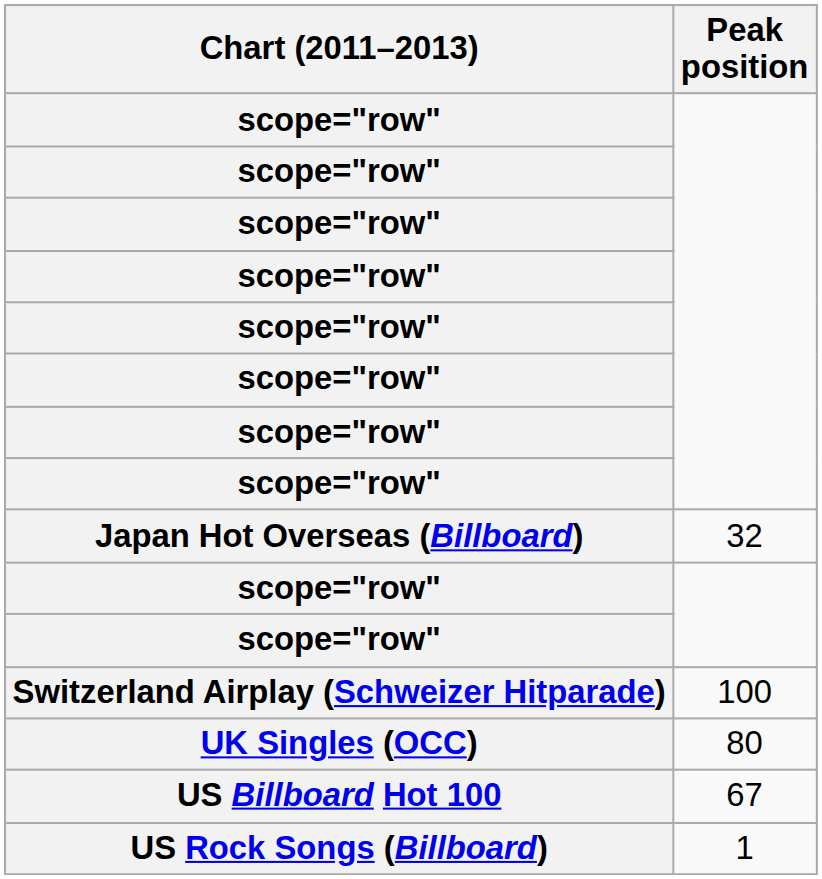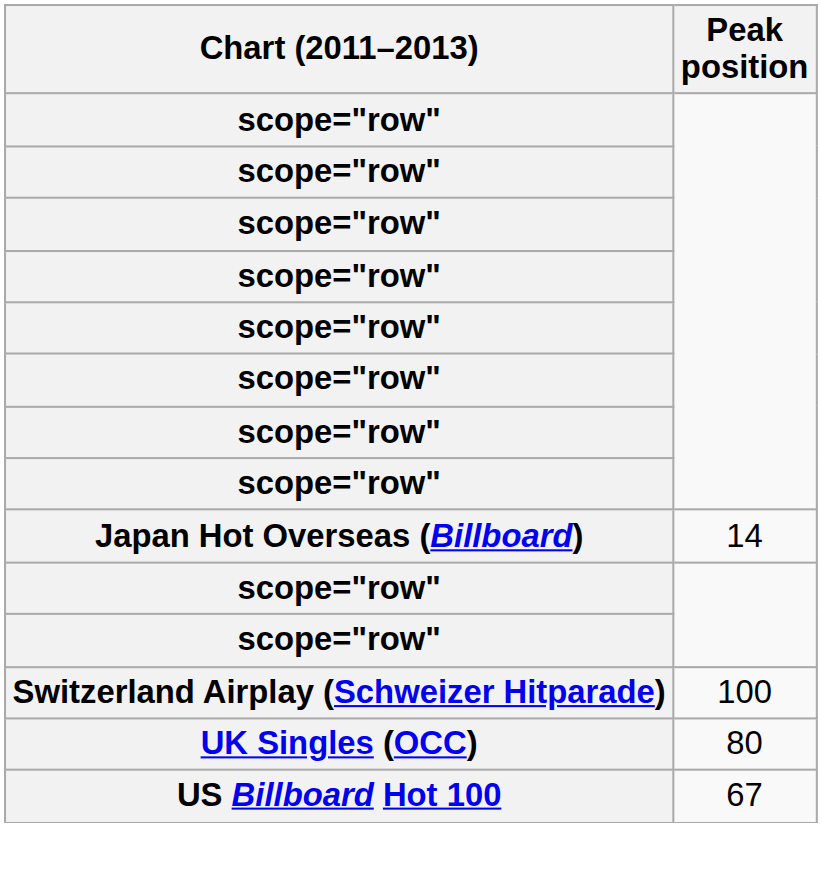 <table class="wikitable plainrowheaders sortable" style="text-align:center">
 <tr>
 <th scope="col">Chart (2011–2013)</th>
 <th scope="col">Peak<br>position</th>
 </tr>
 <tr>
 <th>scope="row" </th>
 </tr>
 <tr>
 <th>scope="row" </th>
 </tr>
 <tr>
 <th>scope="row" </th>
 </tr>
 <tr>
 <th>scope="row" </th>
 </tr>
 <tr>
 <th>scope="row" </th>
 </tr>
 <tr>
 <th>scope="row" </th>
 </tr>
 <tr>
 <th>scope="row" </th>
 </tr>
 <tr>
 <th>scope="row" </th>
 </tr>
 <tr>
 <th scope="row">Japan Hot Overseas (<em><a href='#'>Billboard</a></em>)</th>
-<td>32</td>
+<td>14</td>
 </tr>
 <tr>
 <th>scope="row" </th>
 </tr>
 <tr>
 <th>scope="row" </th>
 </tr>
 <tr>
 <th scope="row">Switzerland Airplay (<a href='#'>Schweizer Hitparade</a>)</th>
 <td>100</td>
 </tr>
 <tr>
 <th scope="row"><a href='#'>UK Singles</a> (<a href='#'>OCC</a>)</th>
 <td>80</td>
 </tr>
 <tr>
 <th scope="row">US <em><a href='#'>Billboard</a></em> <a href='#'>Hot 100</a></th>
 <td>67</td>
 </tr>
-<tr>
-<th scope="row">US <a href='#'>Rock Songs</a> (<em><a href='#'>Billboard</a></em>)</th>
-<td>1</td>
-</tr>
 </table>
